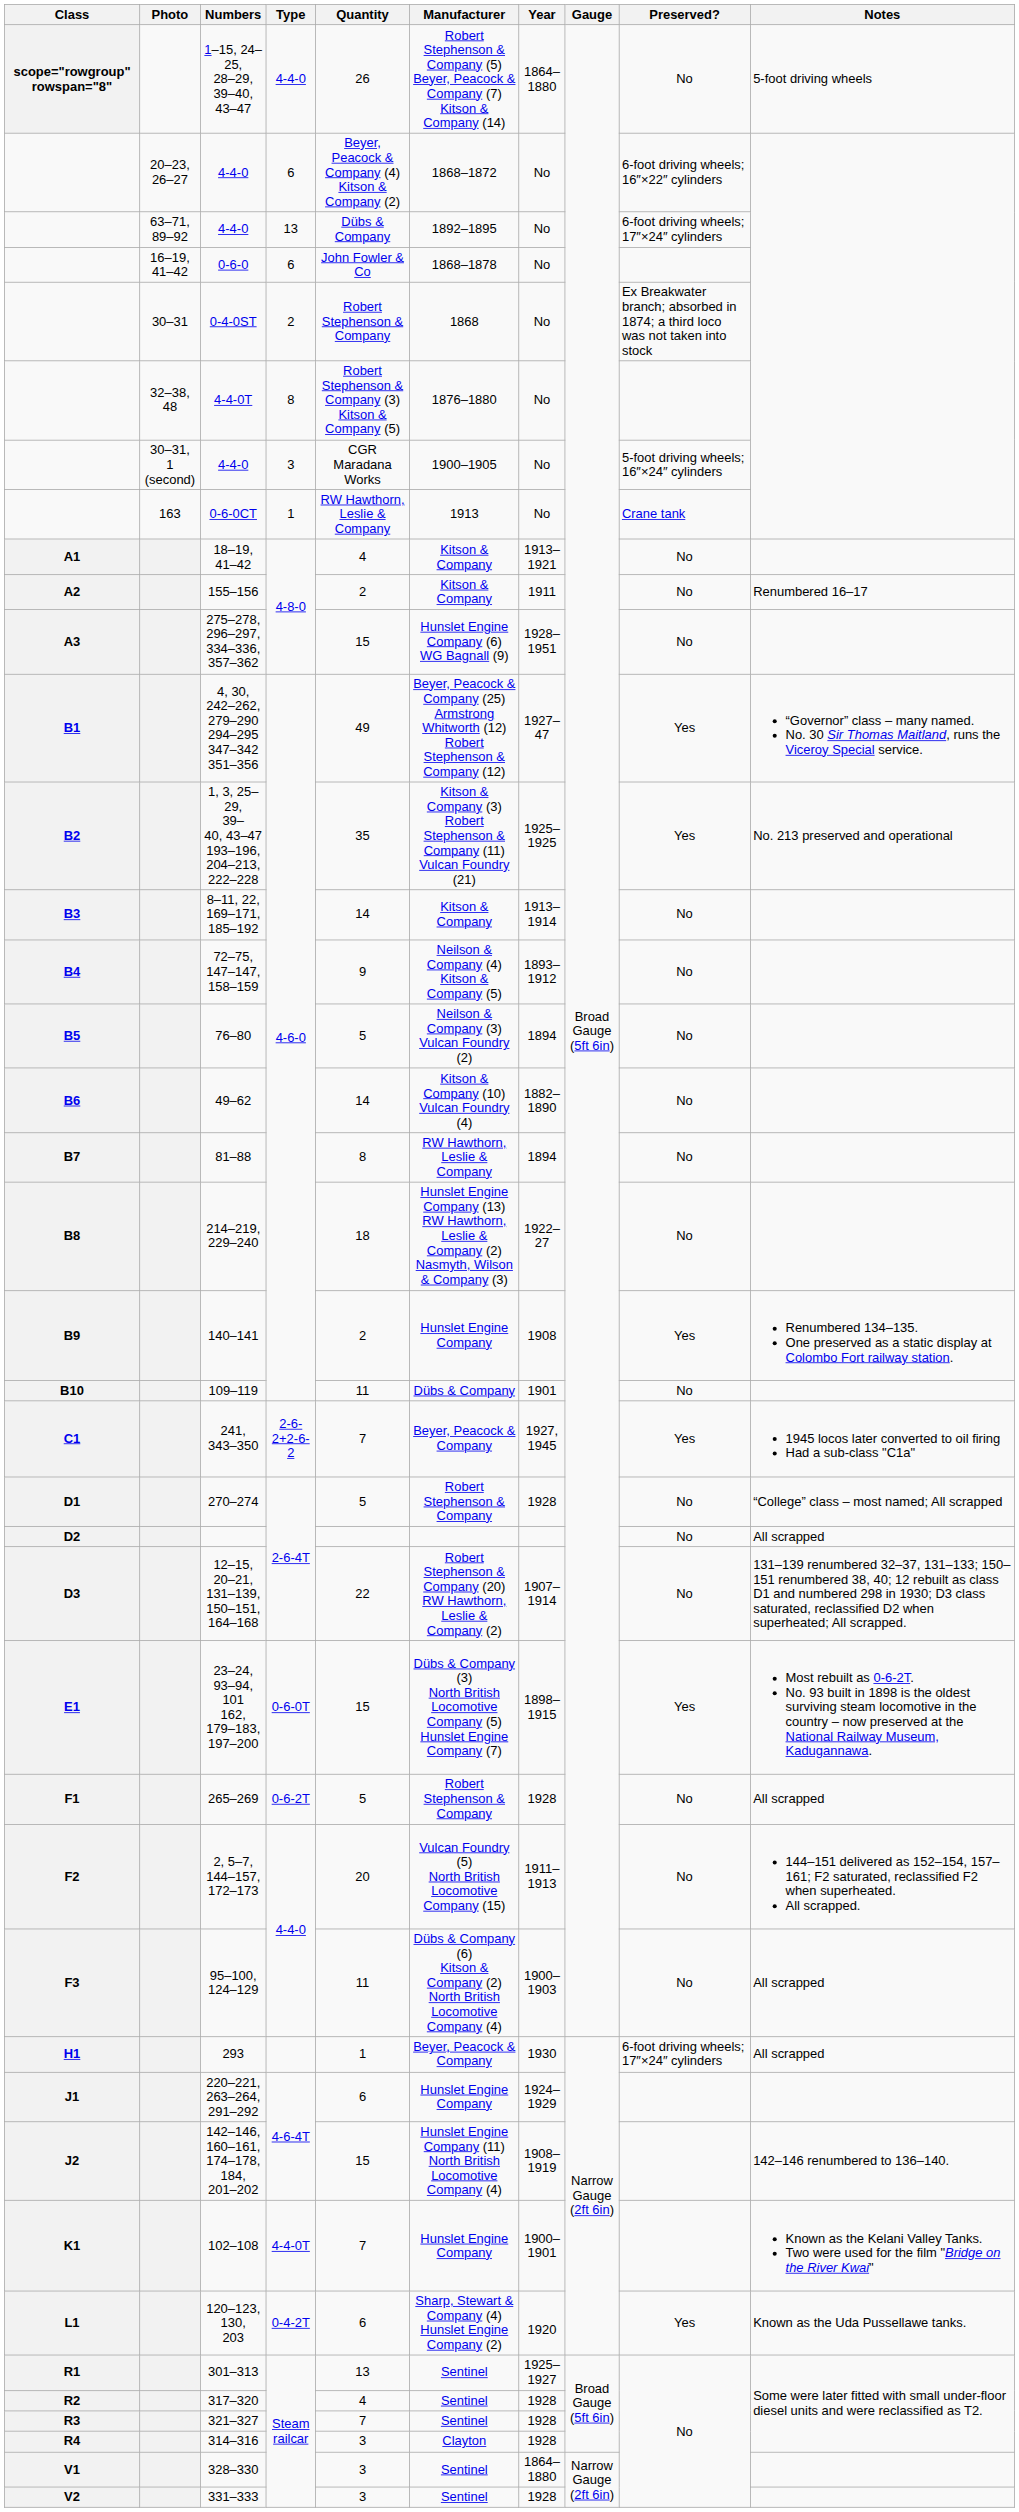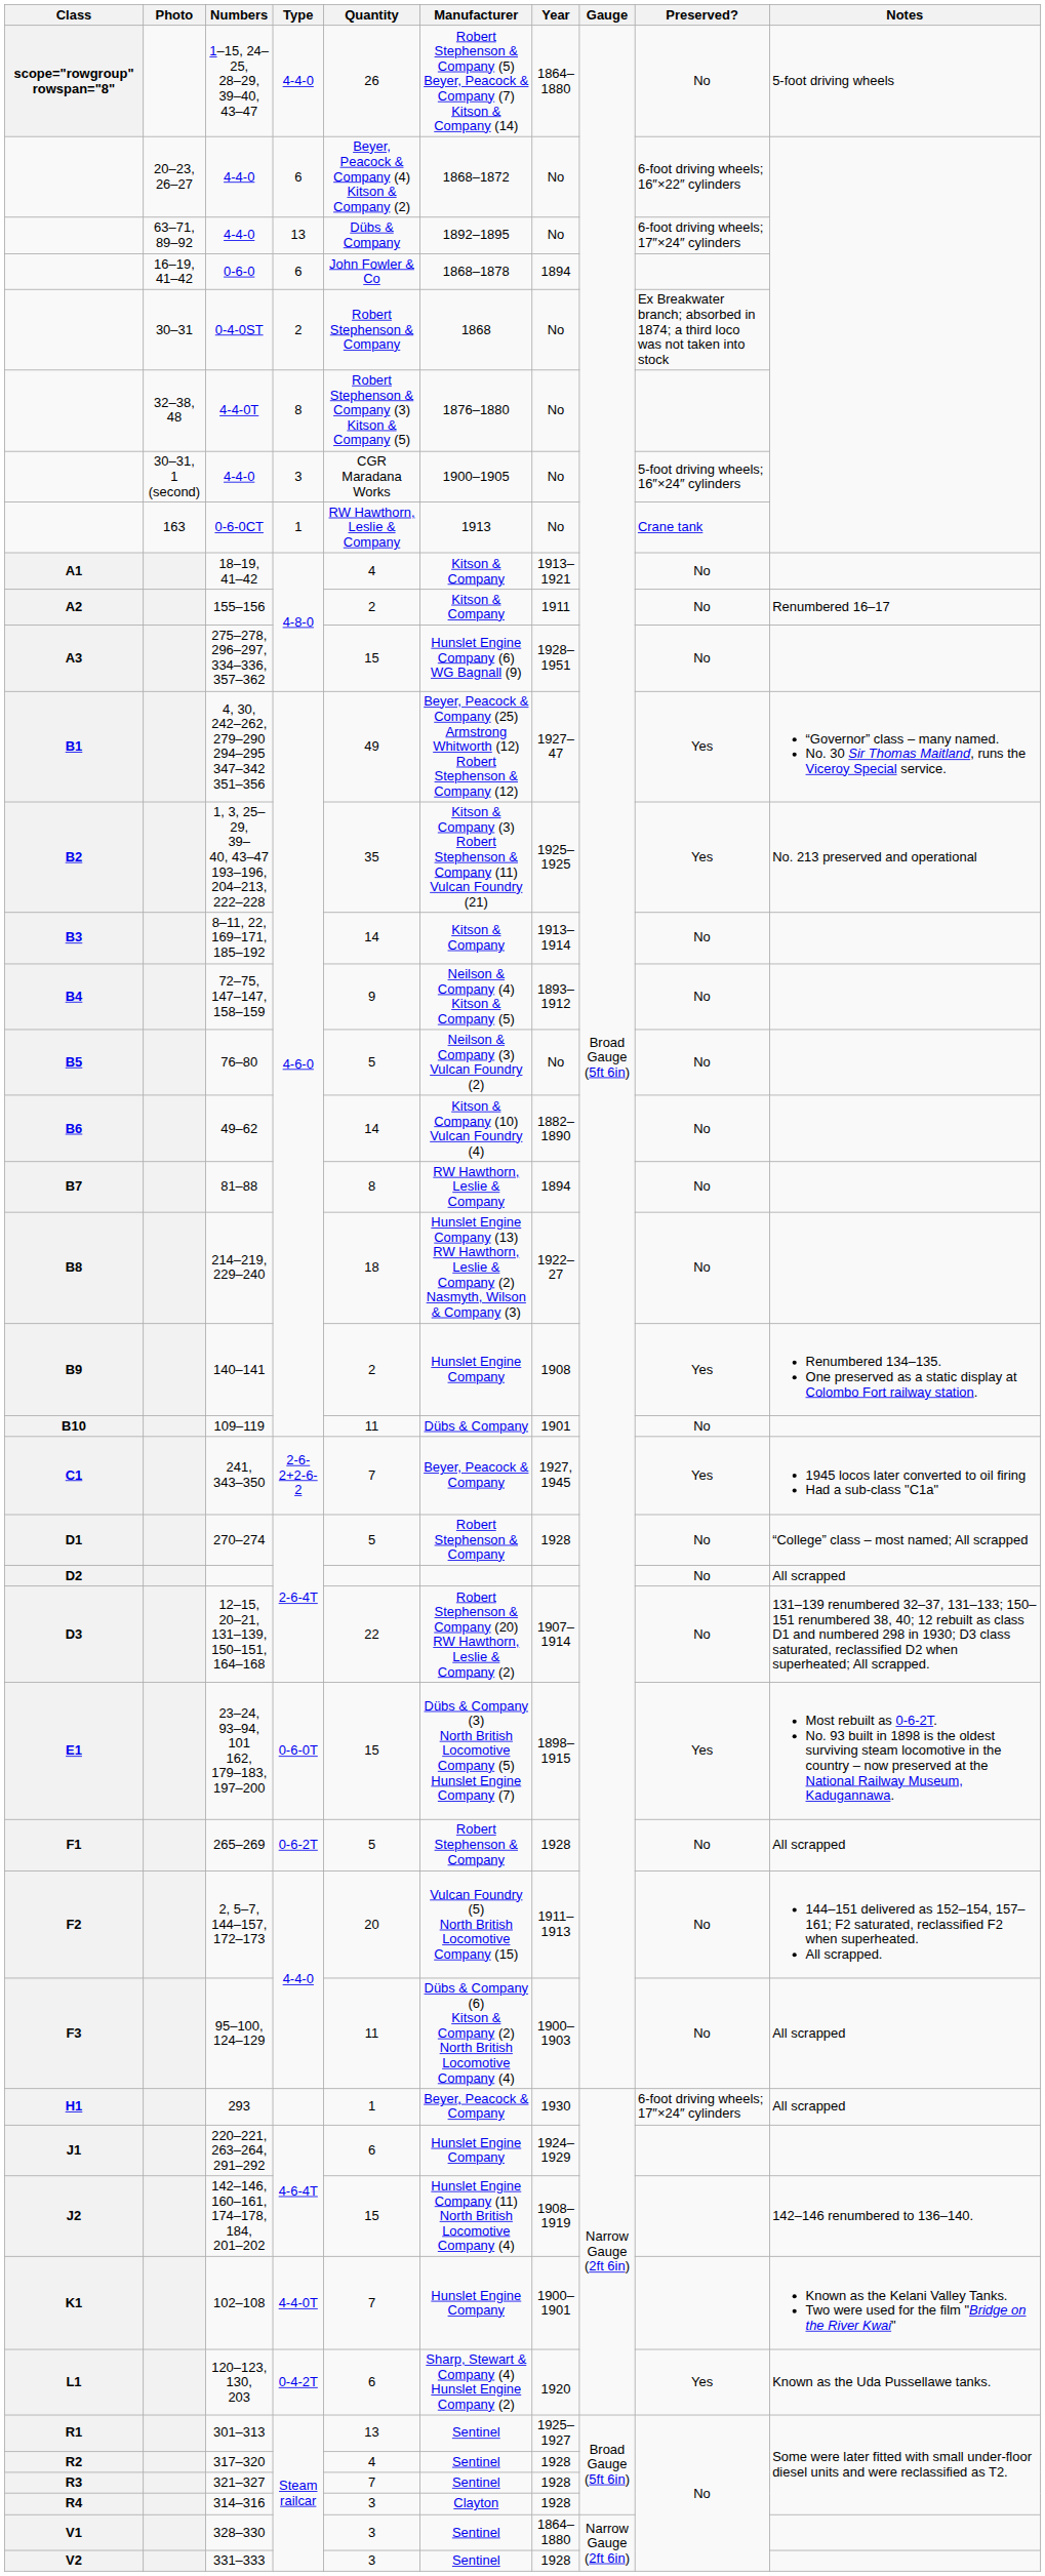 <table class="wikitable" style="text-align:center;">
 <tr>
 <th scope="col">Class</th>
 <th>Photo</th>
 <th scope="col">Numbers</th>
 <th scope="col">Type</th>
 <th scope="col">Quantity</th>
 <th scope="col">Manufacturer</th>
 <th scope="col">Year</th>
 <th>Gauge</th>
 <th>Preserved?</th>
 <th scope="col">Notes</th>
 </tr>
 <tr>
 <th>scope="rowgroup" rowspan="8" </th>
 <td></td>
 <td><a href='#'>1</a>–15, 24–25,<br>28–29, 39–40,<br>43–47</td>
 <td><a href='#'>4-4-0</a></td>
 <td>26</td>
 <td><a href='#'>Robert Stephenson & Company</a> (5)<br><a href='#'>Beyer, Peacock & Company</a> (7)<br><a href='#'>Kitson & Company</a> (14)</td>
 <td>1864–1880</td>
 <td rowspan="29">Broad Gauge<br>(<a href='#'>5ft 6in</a>)</td>
 <td>No</td>
 <td align="left">5-foot driving wheels</td>
 </tr>
 <tr>
 <td></td>
 <td>20–23, 26–27</td>
 <td><a href='#'>4-4-0</a></td>
 <td>6</td>
 <td><a href='#'>Beyer, Peacock & Company</a> (4)<br><a href='#'>Kitson & Company</a> (2)</td>
 <td>1868–1872</td>
 <td>No</td>
 <td align="left">6-foot driving wheels; 16″×22″ cylinders</td>
 </tr>
 <tr>
 <td></td>
 <td>63–71, 89–92</td>
 <td><a href='#'>4-4-0</a></td>
 <td>13</td>
 <td><a href='#'>Dübs & Company</a></td>
 <td>1892–1895</td>
 <td>No</td>
 <td align="left">6-foot driving wheels; 17″×24″ cylinders</td>
 </tr>
 <tr>
 <td></td>
 <td>16–19, 41–42</td>
 <td><a href='#'>0-6-0</a></td>
 <td>6</td>
 <td><a href='#'>John Fowler & Co</a></td>
 <td>1868–1878</td>
-<td>No</td>
+<td>1894</td>
 <td align="left"></td>
 </tr>
 <tr>
 <td></td>
 <td>30–31</td>
 <td><a href='#'>0-4-0ST</a></td>
 <td>2</td>
 <td><a href='#'>Robert Stephenson & Company</a></td>
 <td>1868</td>
 <td>No</td>
 <td align="left">Ex Breakwater branch; absorbed in 1874; a third loco was not taken into stock</td>
 </tr>
 <tr>
 <td></td>
 <td>32–38, 48</td>
 <td><a href='#'>4-4-0T</a></td>
 <td>8</td>
 <td><a href='#'>Robert Stephenson & Company</a> (3)<br><a href='#'>Kitson & Company</a> (5)</td>
 <td>1876–1880</td>
 <td>No</td>
 <td align="left"></td>
 </tr>
 <tr>
 <td></td>
 <td>30–31,<br>1 (second)</td>
 <td><a href='#'>4-4-0</a></td>
 <td>3</td>
 <td>CGR Maradana Works</td>
 <td>1900–1905</td>
 <td>No</td>
 <td align="left">5-foot driving wheels; 16″×24″ cylinders</td>
 </tr>
 <tr>
 <td></td>
 <td>163</td>
 <td><a href='#'>0-6-0CT</a></td>
 <td>1</td>
 <td><a href='#'>RW Hawthorn, Leslie & Company</a></td>
 <td>1913</td>
 <td>No</td>
 <td align="left"><a href='#'>Crane tank</a></td>
 </tr>
 <tr>
 <th scope="row">A1</th>
 <th></th>
 <td>18–19, 41–42</td>
 <td rowspan="3"><a href='#'>4-8-0</a></td>
 <td>4</td>
 <td><a href='#'>Kitson & Company</a></td>
 <td>1913–1921</td>
 <td>No</td>
 <td align="left"></td>
 </tr>
 <tr>
 <th scope="row">A2</th>
 <th></th>
 <td>155–156</td>
 <td>2</td>
 <td><a href='#'>Kitson & Company</a></td>
 <td>1911</td>
 <td>No</td>
 <td align="left">Renumbered 16–17</td>
 </tr>
 <tr>
 <th scope="row">A3</th>
 <th></th>
 <td>275–278,<br>296–297,<br>334–336,<br>357–362</td>
 <td>15</td>
 <td><a href='#'>Hunslet Engine Company</a> (6)<br><a href='#'>WG Bagnall</a> (9)</td>
 <td>1928–1951</td>
 <td>No</td>
 <td align="left"></td>
 </tr>
 <tr>
 <th scope="row"><a href='#'>B1</a></th>
 <th></th>
 <td>4, 30,<br>242–262,<br>279–290<br>294–295<br>347–342<br>351–356</td>
 <td rowspan="10"><a href='#'>4-6-0</a></td>
 <td>49</td>
 <td><a href='#'>Beyer, Peacock & Company</a> (25)<br><a href='#'>Armstrong Whitworth</a> (12)<br><a href='#'>Robert Stephenson & Company</a> (12)</td>
 <td>1927–47</td>
 <td>Yes</td>
 <td align="left"><br><ul><li>“Governor” class – many named.</li><li>No. 30 <em><a href='#'>Sir Thomas Maitland</a></em>, runs the <a href='#'>Viceroy Special</a> service.</li></ul></td>
 </tr>
 <tr>
 <th scope="row"><a href='#'>B2</a></th>
 <th></th>
 <td>1, 3, 25–29,<br>39–40, 43–47<br>193–196,<br>204–213,<br>222–228</td>
 <td>35</td>
 <td><a href='#'>Kitson & Company</a> (3)<br><a href='#'>Robert Stephenson & Company</a> (11)<br><a href='#'>Vulcan Foundry</a> (21)</td>
 <td>1925–1925</td>
 <td>Yes</td>
 <td align="left">No. 213 preserved and operational</td>
 </tr>
 <tr>
 <th scope="row"><a href='#'>B3</a></th>
 <th></th>
 <td>8–11, 22,<br>169–171,<br>185–192</td>
 <td>14</td>
 <td><a href='#'>Kitson & Company</a></td>
 <td>1913–1914</td>
 <td>No</td>
 <td align="left"></td>
 </tr>
 <tr>
 <th scope="row"><a href='#'>B4</a></th>
 <th></th>
 <td>72–75,<br>147–147,<br>158–159</td>
 <td>9</td>
 <td><a href='#'>Neilson & Company</a> (4)<br><a href='#'>Kitson & Company</a> (5)</td>
 <td>1893–1912</td>
 <td>No</td>
 <td align="left"></td>
 </tr>
 <tr>
 <th scope="row"><a href='#'>B5</a></th>
 <th></th>
 <td>76–80</td>
 <td>5</td>
 <td><a href='#'>Neilson & Company</a> (3)<br><a href='#'>Vulcan Foundry</a> (2)</td>
-<td>1894</td>
+<td>No</td>
 <td>No</td>
 <td align="left"></td>
 </tr>
 <tr>
 <th scope="row"><a href='#'>B6</a></th>
 <th></th>
 <td>49–62</td>
 <td>14</td>
 <td><a href='#'>Kitson & Company</a> (10)<br><a href='#'>Vulcan Foundry</a> (4)</td>
 <td>1882–1890</td>
 <td>No</td>
 <td align="left"></td>
 </tr>
 <tr>
 <th scope="row">B7</th>
 <th></th>
 <td>81–88</td>
 <td>8</td>
 <td><a href='#'>RW Hawthorn, Leslie & Company</a></td>
 <td>1894</td>
 <td>No</td>
 <td align="left"></td>
 </tr>
 <tr>
 <th scope="row">B8</th>
 <th></th>
 <td>214–219,<br>229–240</td>
 <td>18</td>
 <td><a href='#'>Hunslet Engine Company</a> (13)<br><a href='#'>RW Hawthorn, Leslie & Company</a> (2)<br><a href='#'>Nasmyth, Wilson & Company</a> (3)</td>
 <td>1922–27</td>
 <td>No</td>
 <td align="left"></td>
 </tr>
 <tr>
 <th scope="row">B9</th>
 <th></th>
 <td>140–141</td>
 <td>2</td>
 <td><a href='#'>Hunslet Engine Company</a></td>
 <td>1908</td>
 <td>Yes</td>
 <td align="left"><br><ul><li>Renumbered 134–135.</li><li>One preserved as a static display at <a href='#'>Colombo Fort railway station</a>.</li></ul></td>
 </tr>
 <tr>
 <th scope="row">B10</th>
 <th></th>
 <td>109–119</td>
 <td>11</td>
 <td><a href='#'>Dübs & Company</a></td>
 <td>1901</td>
 <td>No</td>
 <td align="left"></td>
 </tr>
 <tr>
 <th scope="row"><a href='#'>C1</a></th>
 <th></th>
 <td>241,<br>343–350</td>
 <td><a href='#'>2-6-2+2-6-2</a></td>
 <td>7</td>
 <td><a href='#'>Beyer, Peacock & Company</a></td>
 <td>1927, 1945</td>
 <td>Yes</td>
 <td align="left"><br><ul><li>1945 locos later converted to oil firing</li><li>Had a sub-class "C1a"</li></ul></td>
 </tr>
 <tr>
 <th scope="row">D1</th>
 <th></th>
 <td>270–274</td>
 <td rowspan="3"><a href='#'>2-6-4T</a></td>
 <td>5</td>
 <td><a href='#'>Robert Stephenson & Company</a></td>
 <td>1928</td>
 <td>No</td>
 <td align="left">“College” class – most named; All scrapped</td>
 </tr>
 <tr>
 <th scope="row">D2</th>
 <th></th>
 <td></td>
 <td></td>
 <td></td>
 <td></td>
 <td>No</td>
 <td align="left">All scrapped</td>
 </tr>
 <tr>
 <th scope="row">D3</th>
 <th></th>
 <td>12–15, 20–21,<br>131–139,<br>150–151,<br>164–168</td>
 <td>22</td>
 <td><a href='#'>Robert Stephenson & Company</a> (20)<br><a href='#'>RW Hawthorn, Leslie & Company</a> (2)</td>
 <td>1907–1914</td>
 <td>No</td>
 <td align="left">131–139 renumbered 32–37, 131–133; 150–151 renumbered 38, 40; 12 rebuilt as class D1 and numbered 298 in 1930; D3 class saturated, reclassified D2 when superheated; All scrapped.</td>
 </tr>
 <tr>
 <th scope="row"><a href='#'>E1</a></th>
 <th></th>
 <td>23–24, 93–94,<br>101<br>162,<br>179–183,<br>197–200</td>
 <td><a href='#'>0-6-0T</a></td>
 <td>15</td>
 <td><a href='#'>Dübs & Company</a> (3)<br><a href='#'>North British Locomotive Company</a> (5)<br><a href='#'>Hunslet Engine Company</a> (7)</td>
 <td>1898–1915</td>
 <td>Yes</td>
 <td align="left"><br><ul><li>Most rebuilt as <a href='#'>0-6-2T</a>.</li><li>No. 93 built in 1898 is the oldest surviving steam locomotive in the country – now preserved at the <a href='#'>National Railway Museum, Kadugannawa</a>.</li></ul></td>
 </tr>
 <tr>
 <th scope="row">F1</th>
 <th></th>
 <td>265–269</td>
 <td><a href='#'>0-6-2T</a></td>
 <td>5</td>
 <td><a href='#'>Robert Stephenson & Company</a></td>
 <td>1928</td>
 <td>No</td>
 <td align="left">All scrapped</td>
 </tr>
 <tr>
 <th scope="row">F2</th>
 <th></th>
 <td>2, 5–7,<br>144–157,<br>172–173</td>
 <td rowspan="2"><a href='#'>4-4-0</a></td>
 <td>20</td>
 <td><a href='#'>Vulcan Foundry</a> (5)<br><a href='#'>North British Locomotive Company</a> (15)</td>
 <td>1911–1913</td>
 <td>No</td>
 <td align="left"><br><ul><li>144–151 delivered as 152–154, 157–161; F2 saturated, reclassified F2 when superheated.</li><li>All scrapped.</li></ul></td>
 </tr>
 <tr>
 <th scope="row">F3</th>
 <th></th>
 <td>95–100,<br>124–129</td>
 <td>11</td>
 <td><a href='#'>Dübs & Company</a> (6)<br><a href='#'>Kitson & Company</a> (2)<br><a href='#'>North British Locomotive Company</a> (4)</td>
 <td>1900–1903</td>
 <td>No</td>
 <td align="left">All scrapped</td>
 </tr>
 <tr>
 <th scope="row"><a href='#'>H1</a></th>
 <th></th>
 <td>293</td>
 <td></td>
 <td>1</td>
 <td><a href='#'>Beyer, Peacock & Company</a></td>
 <td>1930</td>
 <td rowspan="5">Narrow Gauge<br>(<a href='#'>2ft 6in</a>)</td>
 <td align="left">6-foot driving wheels; 17″×24″ cylinders</td>
 <td align="left">All scrapped</td>
 </tr>
 <tr>
 <th scope="row">J1</th>
 <th></th>
 <td>220–221,<br>263–264,<br>291–292</td>
 <td rowspan="2"><a href='#'>4-6-4T</a></td>
 <td>6</td>
 <td><a href='#'>Hunslet Engine Company</a></td>
 <td>1924–1929</td>
 <td></td>
 <td align="left"></td>
 </tr>
 <tr>
 <th scope="row">J2</th>
 <th></th>
 <td>142–146,<br>160–161,<br>174–178,<br>184,<br>201–202</td>
 <td>15</td>
 <td><a href='#'>Hunslet Engine Company</a> (11)<br><a href='#'>North British Locomotive Company</a> (4)</td>
 <td>1908–1919</td>
 <td></td>
 <td align="left">142–146 renumbered to 136–140.</td>
 </tr>
 <tr>
 <th scope="row">K1</th>
 <th></th>
 <td>102–108</td>
 <td><a href='#'>4-4-0T</a></td>
 <td>7</td>
 <td><a href='#'>Hunslet Engine Company</a></td>
 <td>1900–1901</td>
 <td></td>
 <td align="left"><br><ul><li>Known as the Kelani Valley Tanks.</li><li>Two were used for the film "<a href='#'><em>Bridge on the River Kwai</em></a>"</li></ul></td>
 </tr>
 <tr>
 <th scope="row">L1</th>
 <th></th>
 <td>120–123,<br>130,<br>203</td>
 <td><a href='#'>0-4-2T</a></td>
 <td>6</td>
 <td><a href='#'>Sharp, Stewart & Company</a> (4)<br><a href='#'>Hunslet Engine Company</a> (2)</td>
 <td><br>1920</td>
 <td>Yes</td>
 <td align="left">Known as the Uda Pussellawe tanks.</td>
 </tr>
 <tr>
 <th scope="row">R1</th>
 <th></th>
 <td>301–313</td>
 <td rowspan="6"><a href='#'>Steam railcar</a></td>
 <td>13</td>
 <td><a href='#'>Sentinel</a></td>
 <td>1925–1927</td>
 <td rowspan="4">Broad Gauge<br>(<a href='#'>5ft 6in</a>)</td>
 <td rowspan="6">No</td>
 <td rowspan="4" align="left">Some were later fitted with small under-floor diesel units and were reclassified as T2.</td>
 </tr>
 <tr>
 <th scope="row">R2</th>
 <th></th>
 <td>317–320</td>
 <td>4</td>
 <td><a href='#'>Sentinel</a></td>
 <td>1928</td>
 </tr>
 <tr>
 <th scope="row">R3</th>
 <th></th>
 <td>321–327</td>
 <td>7</td>
 <td><a href='#'>Sentinel</a></td>
 <td>1928</td>
 </tr>
 <tr>
 <th scope="row">R4</th>
 <th></th>
 <td>314–316</td>
 <td>3</td>
 <td><a href='#'>Clayton</a></td>
 <td>1928</td>
 </tr>
 <tr>
 <th scope="row">V1</th>
 <th></th>
 <td>328–330</td>
 <td>3</td>
 <td><a href='#'>Sentinel</a></td>
 <td>1864–1880</td>
 <td rowspan="2">Narrow Gauge<br>(<a href='#'>2ft 6in</a>)</td>
 <td align="left"></td>
 </tr>
 <tr>
 <th scope="row">V2</th>
 <th></th>
 <td>331–333</td>
 <td>3</td>
 <td><a href='#'>Sentinel</a></td>
 <td>1928</td>
 <td align=left></td>
 </tr>
 </table>
